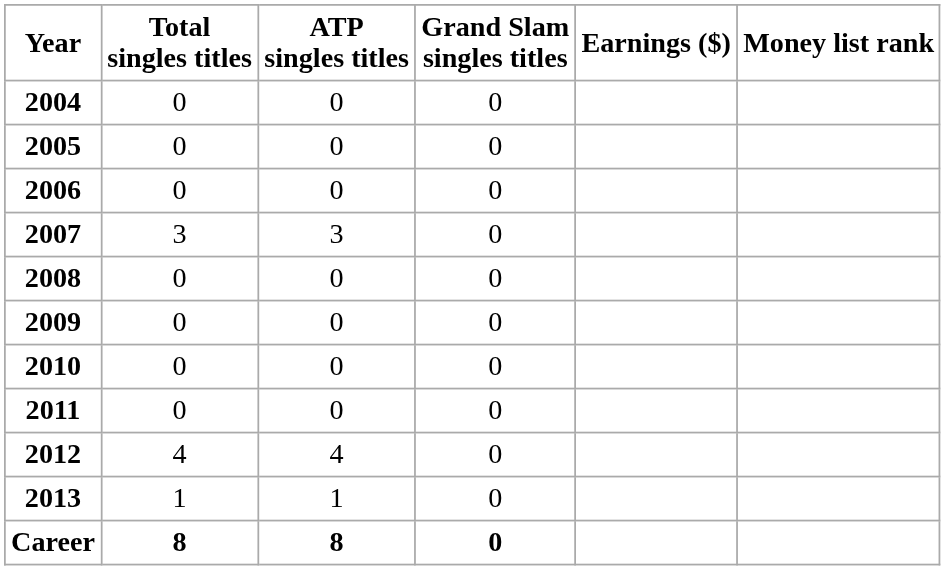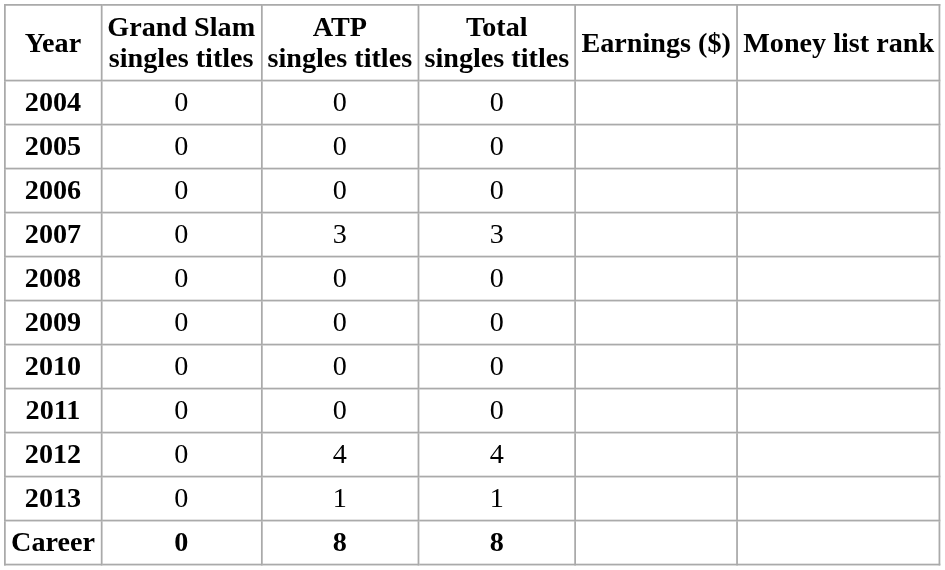 <table cellpadding=3 cellspacing=0 border=1 style=font-align:centre;border:#aaa;solid:1;border-collapse:collapse;text-align:center;>
 <tr>
 <th>Year</th>
+<th>Grand Slam<br>singles titles</th>
+<th>ATP <br>singles titles</th>
 <th>Total<br>singles titles</th>
-<th>ATP <br>singles titles</th>
-<th>Grand Slam<br>singles titles</th>
 <th>Earnings ($)</th>
 <th>Money list rank</th>
 </tr>
 <tr>
 <th>2004</th>
 <td>0</td>
 <td>0</td>
 <td>0</td>
 <td align=right></td>
 <td></td>
 </tr>
 <tr>
 <th>2005</th>
 <td>0</td>
 <td>0</td>
 <td>0</td>
 <td align=right></td>
 <td></td>
 </tr>
 <tr>
 <th>2006</th>
 <td>0</td>
 <td>0</td>
 <td>0</td>
 <td align=right></td>
 <td></td>
 </tr>
 <tr>
 <th>2007</th>
+<td>0</td>
 <td>3</td>
 <td>3</td>
-<td>0</td>
 <td align=right></td>
 <td></td>
 </tr>
 <tr>
 <th>2008</th>
 <td>0</td>
 <td>0</td>
 <td>0</td>
 <td align=right></td>
 <td></td>
 </tr>
 <tr>
 <th>2009</th>
 <td>0</td>
 <td>0</td>
 <td>0</td>
 <td align=right></td>
 <td></td>
 </tr>
 <tr>
 <th>2010</th>
 <td>0</td>
 <td>0</td>
 <td>0</td>
 <td align=right></td>
 <td></td>
 </tr>
 <tr>
 <th>2011</th>
 <td>0</td>
 <td>0</td>
 <td>0</td>
 <td align=right></td>
 <td></td>
 </tr>
 <tr>
 <th>2012</th>
+<td>0</td>
 <td>4</td>
 <td>4</td>
-<td>0</td>
 <td align=right></td>
 <td></td>
 </tr>
 <tr>
 <th>2013</th>
+<td>0</td>
 <td>1</td>
 <td>1</td>
-<td>0</td>
 <td align=right></td>
 <td></td>
 </tr>
 <tr>
 <th>Career</th>
+<th>0</th>
 <th>8</th>
 <th>8</th>
-<th>0</th>
 <th align=right></th>
 <th></th>
 </tr>
 </table>
